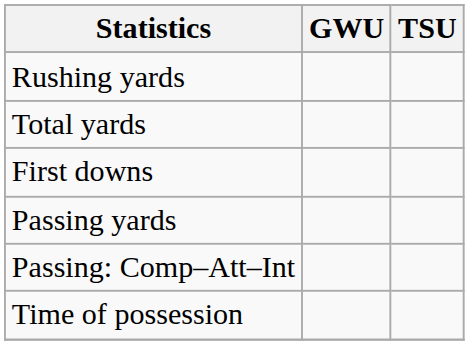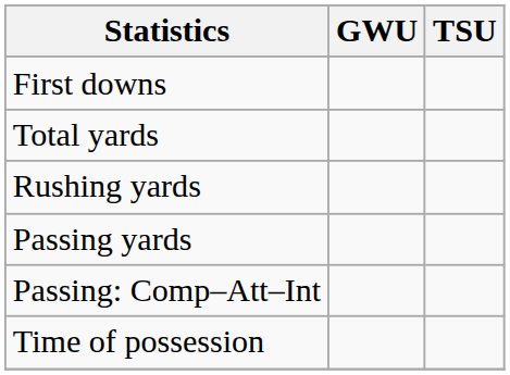 <table class="wikitable" style="float: left;">
 <tr>
 <th>Statistics</th>
 <th>GWU</th>
 <th>TSU</th>
 </tr>
 <tr>
-<td>Rushing yards</td>
+<td>First downs</td>
 <td></td>
 <td></td>
 </tr>
 <tr>
 <td>Total yards</td>
 <td></td>
 <td></td>
 </tr>
 <tr>
-<td>First downs</td>
+<td>Rushing yards</td>
 <td></td>
 <td></td>
 </tr>
 <tr>
 <td>Passing yards</td>
 <td></td>
 <td></td>
 </tr>
 <tr>
 <td>Passing: Comp–Att–Int</td>
 <td></td>
 <td></td>
 </tr>
 <tr>
 <td>Time of possession</td>
 <td></td>
 <td></td>
 </tr>
 <tr>
 </tr>
 </table>
